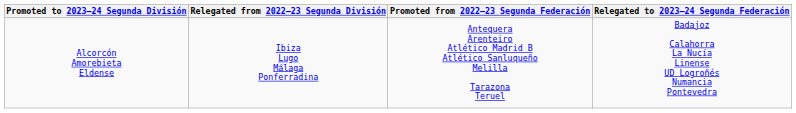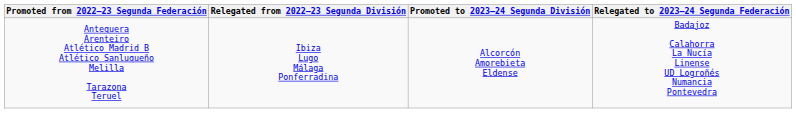 <table class="wikitable" style="text-align:center;">
 <tr>
+<th>Promoted from <a href='#'>2022–23 Segunda Federación</a></th>
+<th>Relegated from <a href='#'>2022–23 Segunda División</a></th>
 <th>Promoted to <a href='#'>2023–24 Segunda División</a></th>
-<th>Relegated from <a href='#'>2022–23 Segunda División</a></th>
-<th>Promoted from <a href='#'>2022–23 Segunda Federación</a></th>
 <th>Relegated to <a href='#'>2023–24 Segunda Federación</a></th>
 </tr>
 <tr>
+<td><a href='#'>Antequera</a> <br> <a href='#'>Arenteiro</a> <br> <a href='#'>Atlético Madrid B</a> <br> <a href='#'>Atlético Sanluqueño</a> <br> <a href='#'>Melilla</a> <br>  <br> <a href='#'>Tarazona</a> <br> <a href='#'>Teruel</a></td>
+<td><a href='#'>Ibiza</a> <br> <a href='#'>Lugo</a> <br> <a href='#'>Málaga</a> <br> <a href='#'>Ponferradina</a></td>
 <td><a href='#'>Alcorcón</a> <br> <a href='#'>Amorebieta</a> <br> <a href='#'>Eldense</a> <br> </td>
-<td><a href='#'>Ibiza</a> <br> <a href='#'>Lugo</a> <br> <a href='#'>Málaga</a> <br> <a href='#'>Ponferradina</a></td>
-<td><a href='#'>Antequera</a> <br> <a href='#'>Arenteiro</a> <br> <a href='#'>Atlético Madrid B</a> <br> <a href='#'>Atlético Sanluqueño</a> <br> <a href='#'>Melilla</a> <br>  <br> <a href='#'>Tarazona</a> <br> <a href='#'>Teruel</a></td>
 <td><a href='#'>Badajoz</a> <br>  <br> <a href='#'>Calahorra</a> <br><a href='#'>La Nucía</a> <br> <a href='#'>Linense</a> <br> <a href='#'>UD Logroñés</a> <br> <a href='#'>Numancia</a> <br><a href='#'>Pontevedra</a> <br> <br> </td>
 </tr>
 </table>
